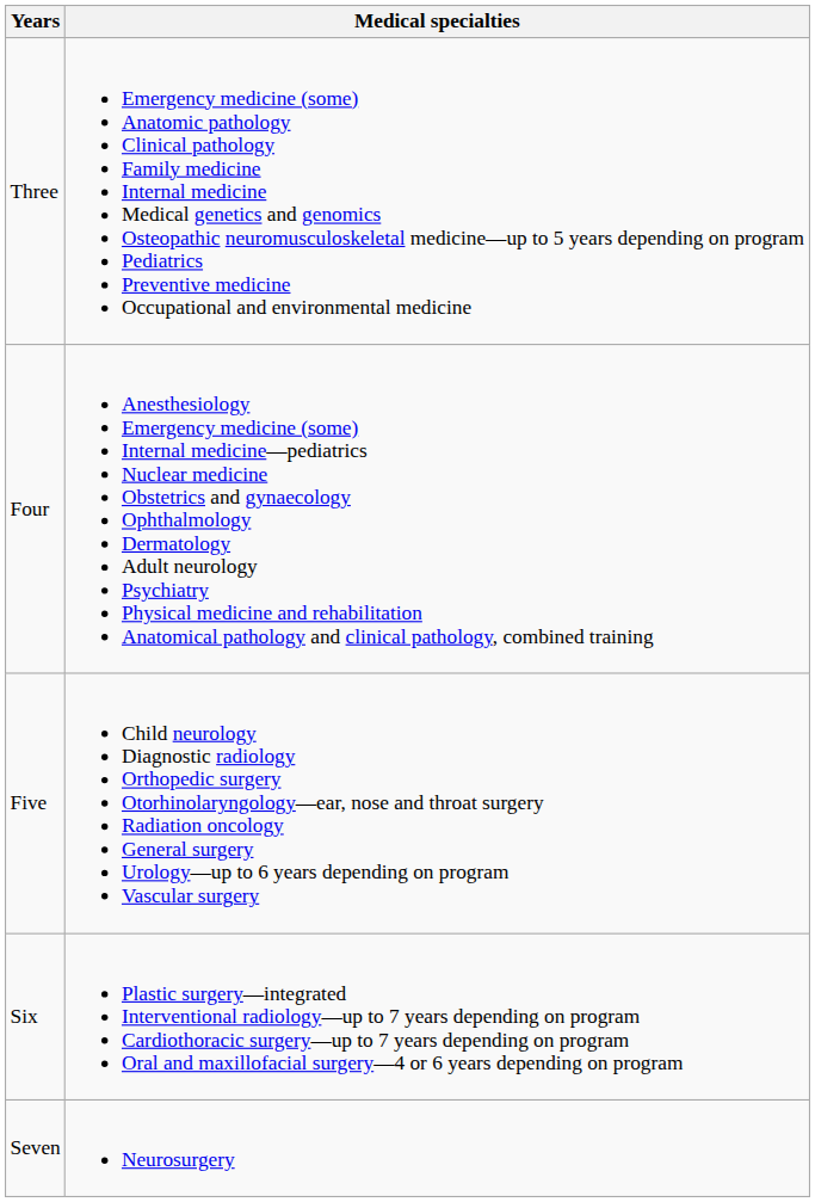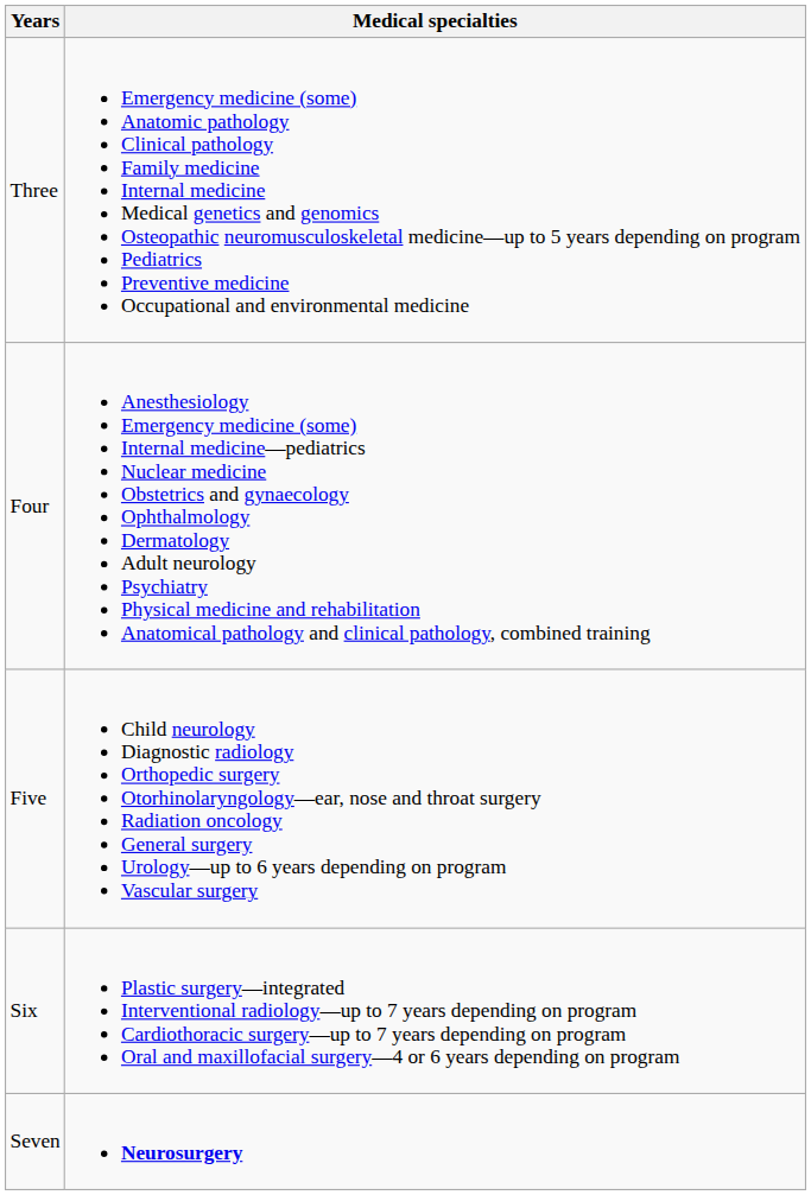 <table class="wikitable plainrowheaders" summary="Length of medical residency training">
 <tr>
 <th>Years</th>
 <th>Medical specialties</th>
 </tr>
 <tr>
 <td>Three</td>
 <td><br><ul><li><a href='#'>Emergency medicine (some)</a></li><li><a href='#'>Anatomic pathology</a></li><li><a href='#'>Clinical pathology</a></li><li><a href='#'>Family medicine</a></li><li><a href='#'>Internal medicine</a></li><li>Medical <a href='#'>genetics</a> and <a href='#'>genomics</a></li><li><a href='#'>Osteopathic</a> <a href='#'>neuromusculoskeletal</a> medicine—up to 5 years depending on program</li><li><a href='#'>Pediatrics</a></li><li><a href='#'>Preventive medicine</a></li><li>Occupational and environmental medicine</li></ul></td>
 </tr>
 <tr>
 <td>Four</td>
 <td><br><ul><li><a href='#'>Anesthesiology</a></li><li><a href='#'>Emergency medicine (some)</a></li><li><a href='#'>Internal medicine</a>—pediatrics</li><li><a href='#'>Nuclear medicine</a></li><li><a href='#'>Obstetrics</a> and <a href='#'>gynaecology</a></li><li><a href='#'>Ophthalmology</a></li><li><a href='#'>Dermatology</a></li><li>Adult neurology</li><li><a href='#'>Psychiatry</a></li><li><a href='#'>Physical medicine and rehabilitation</a></li><li><a href='#'>Anatomical pathology</a> and <a href='#'>clinical pathology</a>, combined training</li></ul></td>
 </tr>
 <tr>
 <td>Five</td>
 <td><br><ul><li>Child <a href='#'>neurology</a></li><li>Diagnostic <a href='#'>radiology</a></li><li><a href='#'>Orthopedic surgery</a></li><li><a href='#'>Otorhinolaryngology</a>—ear, nose and throat surgery</li><li><a href='#'>Radiation oncology</a></li><li><a href='#'>General surgery</a></li><li><a href='#'>Urology</a>—up to 6 years depending on program</li><li><a href='#'>Vascular surgery</a></li></ul></td>
 </tr>
 <tr>
 <td>Six</td>
 <td><br><ul><li><a href='#'>Plastic surgery</a>—integrated</li><li><a href='#'>Interventional radiology</a>—up to 7 years depending on program</li><li><a href='#'>Cardiothoracic surgery</a>—up to 7 years depending on program</li><li><a href='#'>Oral and maxillofacial surgery</a>—4 or 6 years depending on program</li></ul></td>
 </tr>
 <tr>
 <td>Seven</td>
-<td><br><ul><li><a href='#'>Neurosurgery</a></li></ul></td>
+<td><strong><br><ul><li><a href='#'>Neurosurgery</a></li></ul></strong></td>
 </tr>
 </table>
